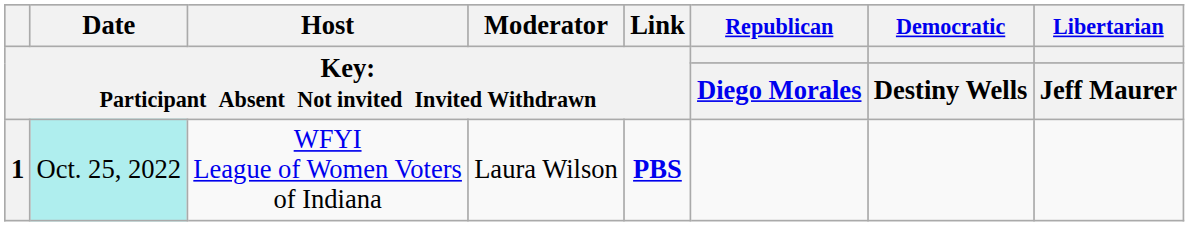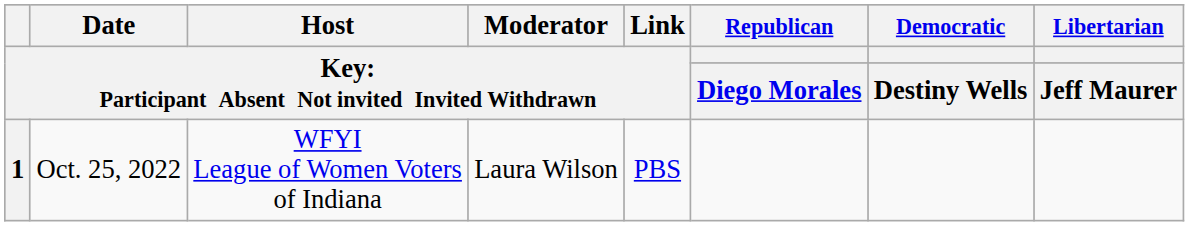 <table class="wikitable" style="text-align:center;">
 <tr>
 <th scope="col"></th>
 <th scope="col">Date</th>
 <th scope="col">Host</th>
 <th scope="col">Moderator</th>
 <th scope="col">Link</th>
 <th scope="col"><small><a href='#'>Republican</a></small></th>
 <th scope="col"><small><a href='#'>Democratic</a></small></th>
 <th scope="col"><small><a href='#'>Libertarian</a></small></th>
 </tr>
 <tr>
 <th colspan="5" rowspan="2">Key:<br> <small>Participant </small>  <small>Absent </small>  <small>Not invited </small>  <small>Invited  Withdrawn</small></th>
 <th scope="col" style="background:"></th>
 <th scope="col" style="background:"></th>
 <th scope="col" style="background:"></th>
 </tr>
 <tr>
 <th scope="col"><a href='#'>Diego Morales</a></th>
 <th scope="col">Destiny Wells</th>
 <th scope="col">Jeff Maurer</th>
 </tr>
 <tr>
 <th>1</th>
-<td style="background: paleturquoise; white-space:nowrap;">Oct. 25, 2022</td>
+<td style="white-space:nowrap;">Oct. 25, 2022</td>
 <td style="white-space:nowrap;"><a href='#'>WFYI</a><br><a href='#'>League of Women Voters</a><br>of Indiana</td>
 <td style="white-space:nowrap;">Laura Wilson</td>
-<td style="white-space:nowrap;"><strong><a href='#'>PBS</a></strong></td>
+<td style="white-space:nowrap;"><a href='#'>PBS</a></td>
 <td></td>
 <td></td>
 <td></td>
 </tr>
 </table>
